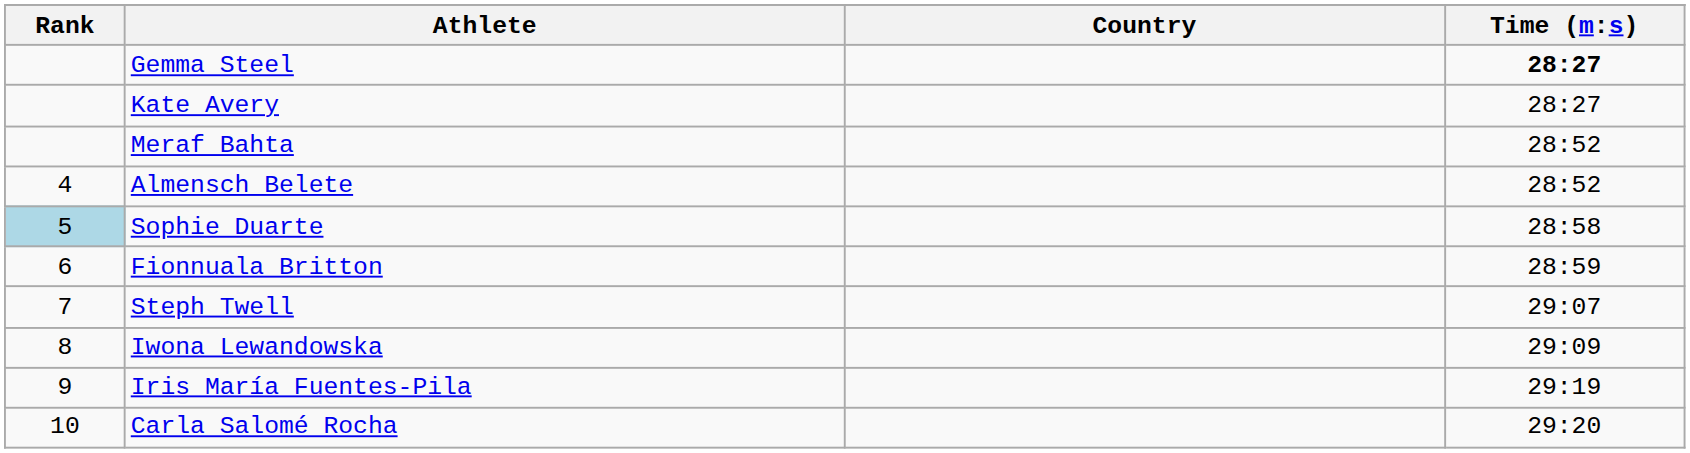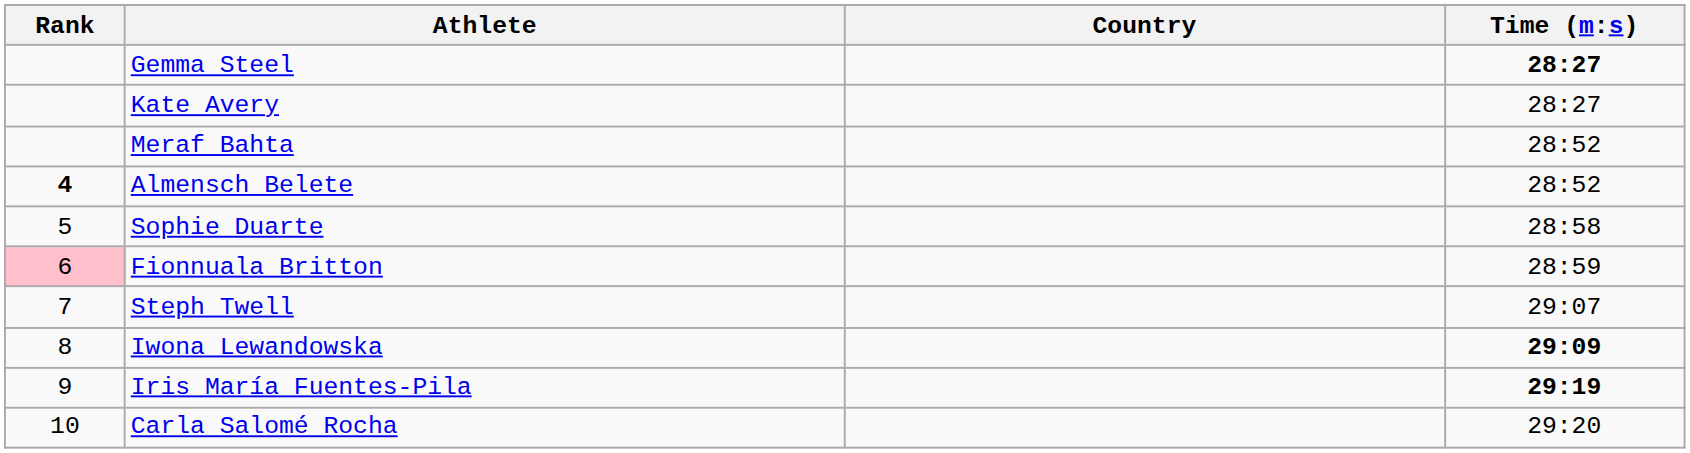 <table class="wikitable" style="text-align:center;" width="70%">
 <tr>
 </tr>
 <tr>
 <th width=5%>Rank</th>
 <th width=30%>Athlete</th>
 <th width=25%>Country</th>
 <th width=10%>Time (<a href='#'>m</a>:<a href='#'>s</a>)</th>
 </tr>
 <tr>
 <td></td>
 <td align="left"><a href='#'>Gemma Steel</a></td>
 <td align="left"></td>
 <td><strong>28:27</strong></td>
 </tr>
 <tr>
 <td></td>
 <td align="left"><a href='#'>Kate Avery</a></td>
 <td align="left"></td>
 <td>28:27</td>
 </tr>
 <tr>
 <td></td>
 <td align="left"><a href='#'>Meraf Bahta</a></td>
 <td align="left"></td>
 <td>28:52</td>
 </tr>
 <tr>
-<td>4</td>
+<td><strong>4</strong></td>
 <td align="left"><a href='#'>Almensch Belete</a></td>
 <td align="left"></td>
 <td>28:52</td>
 </tr>
 <tr>
-<td style="background: lightblue;">5</td>
+<td>5</td>
 <td align="left"><a href='#'>Sophie Duarte</a></td>
 <td align="left"></td>
 <td>28:58</td>
 </tr>
 <tr>
-<td>6</td>
+<td style="background: pink;">6</td>
 <td align="left"><a href='#'>Fionnuala Britton</a></td>
 <td align="left"></td>
 <td>28:59</td>
 </tr>
 <tr>
 <td>7</td>
 <td align="left"><a href='#'>Steph Twell</a></td>
 <td align="left"></td>
 <td>29:07</td>
 </tr>
 <tr>
 <td>8</td>
 <td align="left"><a href='#'>Iwona Lewandowska</a></td>
 <td align="left"></td>
-<td>29:09</td>
+<td><strong>29:09</strong></td>
 </tr>
 <tr>
 <td>9</td>
 <td align="left"><a href='#'>Iris María Fuentes-Pila</a></td>
 <td align="left"></td>
-<td>29:19</td>
+<td><strong>29:19</strong></td>
 </tr>
 <tr>
 <td>10</td>
 <td align="left"><a href='#'>Carla Salomé Rocha</a></td>
 <td align="left"></td>
 <td>29:20</td>
 </tr>
 </table>
